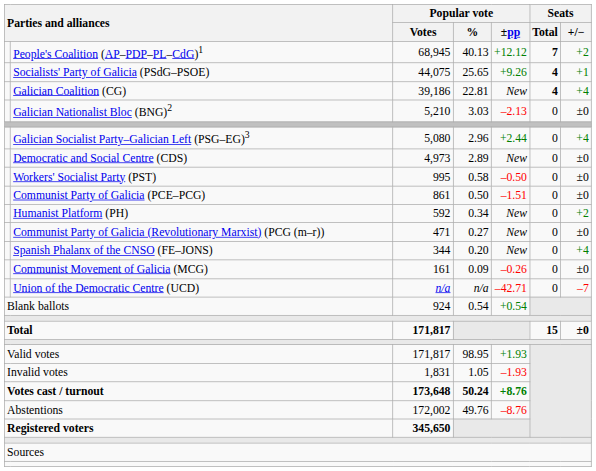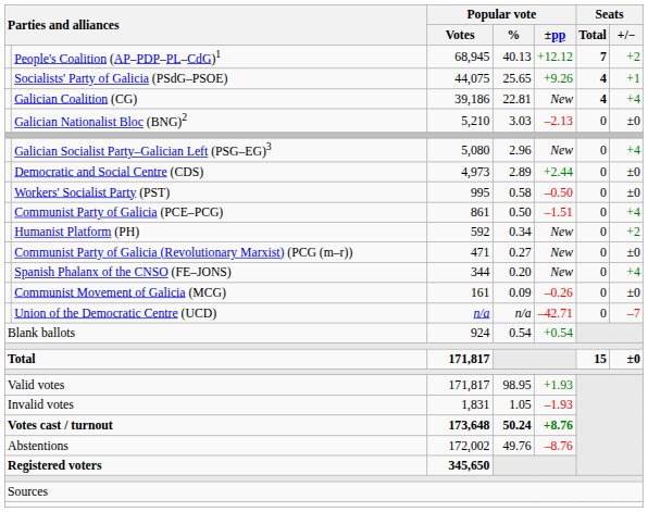 <table class="wikitable" style="text-align:right;">
 <tr>
 <th style="text-align:left;" rowspan="2" colspan="2" width="525">Parties and alliances</th>
 <th colspan="3">Popular vote</th>
 <th colspan="2">Seats</th>
 </tr>
 <tr>
 <th width="75">Votes</th>
 <th width="45">%</th>
 <th width="45">±<a href='#'>pp</a></th>
 <th width="35">Total</th>
 <th width="35">+/−</th>
 </tr>
 <tr>
 <td width="1" style="color:inherit;background:"></td>
 <td align="left"><a href='#'>People's Coalition</a> (<a href='#'>AP</a>–<a href='#'>PDP</a>–<a href='#'>PL</a>–<a href='#'>CdG</a>)<sup>1</sup></td>
 <td>68,945</td>
 <td>40.13</td>
 <td style="color:green;">+12.12</td>
 <td><strong>7</strong></td>
 <td style="color:green;">+2</td>
 </tr>
 <tr>
 <td style="color:inherit;background:"></td>
 <td align="left"><a href='#'>Socialists' Party of Galicia</a> (PSdG–PSOE)</td>
 <td>44,075</td>
 <td>25.65</td>
 <td style="color:green;">+9.26</td>
 <td><strong>4</strong></td>
 <td style="color:green;">+1</td>
 </tr>
 <tr>
 <td style="color:inherit;background:"></td>
 <td align="left"><a href='#'>Galician Coalition</a> (CG)</td>
 <td>39,186</td>
 <td>22.81</td>
 <td><em>New</em></td>
 <td><strong>4</strong></td>
 <td style="color:green;">+4</td>
 </tr>
 <tr>
 <td style="color:inherit;background:"></td>
 <td align="left"><a href='#'>Galician Nationalist Bloc</a> (BNG)<sup>2</sup></td>
 <td>5,210</td>
 <td>3.03</td>
 <td style="color:red;">–2.13</td>
 <td>0</td>
 <td>±0</td>
 </tr>
 <tr>
 <td colspan="7" bgcolor="#C0C0C0"></td>
 </tr>
 <tr>
 <td style="color:inherit;background:"></td>
 <td align="left"><a href='#'>Galician Socialist Party–Galician Left</a> (PSG–EG)<sup>3</sup></td>
 <td>5,080</td>
 <td>2.96</td>
-<td style="color:green;">+2.44</td>
+<td><em>New</em></td>
 <td>0</td>
 <td style="color:green;">+4</td>
 </tr>
 <tr>
 <td style="color:inherit;background:"></td>
 <td align="left"><a href='#'>Democratic and Social Centre</a> (CDS)</td>
 <td>4,973</td>
 <td>2.89</td>
-<td><em>New</em></td>
+<td style="color:green;">+2.44</td>
 <td>0</td>
 <td>±0</td>
 </tr>
 <tr>
 <td style="color:inherit;background:"></td>
 <td align="left"><a href='#'>Workers' Socialist Party</a> (PST)</td>
 <td>995</td>
 <td>0.58</td>
 <td style="color:red;">–0.50</td>
 <td>0</td>
 <td>±0</td>
 </tr>
 <tr>
 <td style="color:inherit;background:"></td>
 <td align="left"><a href='#'>Communist Party of Galicia</a> (PCE–PCG)</td>
 <td>861</td>
 <td>0.50</td>
 <td style="color:red;">–1.51</td>
 <td>0</td>
-<td>±0</td>
+<td style="color:green;">+4</td>
 </tr>
 <tr>
 <td style="color:inherit;background:"></td>
 <td align="left"><a href='#'>Humanist Platform</a> (PH)</td>
 <td>592</td>
 <td>0.34</td>
 <td><em>New</em></td>
 <td>0</td>
 <td style="color:green;">+2</td>
 </tr>
 <tr>
 <td style="color:inherit;background:"></td>
 <td align="left"><a href='#'>Communist Party of Galicia (Revolutionary Marxist)</a> (PCG (m–r))</td>
 <td>471</td>
 <td>0.27</td>
 <td><em>New</em></td>
 <td>0</td>
 <td>±0</td>
 </tr>
 <tr>
 <td style="color:inherit;background:"></td>
 <td align="left"><a href='#'>Spanish Phalanx of the CNSO</a> (FE–JONS)</td>
 <td>344</td>
 <td>0.20</td>
 <td><em>New</em></td>
 <td>0</td>
 <td style="color:green;">+4</td>
 </tr>
 <tr>
 <td style="color:inherit;background:"></td>
 <td align="left"><a href='#'>Communist Movement of Galicia</a> (MCG)</td>
 <td>161</td>
 <td>0.09</td>
 <td style="color:red;">–0.26</td>
 <td>0</td>
 <td>±0</td>
 </tr>
 <tr>
 <td style="color:inherit;background:"></td>
 <td align="left"><a href='#'>Union of the Democratic Centre</a> (UCD)</td>
 <td><em><a href='#'>n/a</a></em></td>
 <td><em>n/a</em></td>
 <td style="color:red;">–42.71</td>
 <td>0</td>
 <td style="color:red;">–7</td>
 </tr>
 <tr>
 <td align="left" colspan="2">Blank ballots</td>
 <td>924</td>
 <td>0.54</td>
 <td style="color:green;">+0.54</td>
 <td bgcolor="#E9E9E9" colspan="2"></td>
 </tr>
 <tr>
 <td colspan="7" bgcolor="#E9E9E9"></td>
 </tr>
 <tr style="font-weight:bold;">
 <td align="left" colspan="2">Total</td>
 <td>171,817</td>
 <td bgcolor="#E9E9E9" colspan="2"></td>
 <td>15</td>
 <td>±0</td>
 </tr>
 <tr>
 <td colspan="7" bgcolor="#E9E9E9"></td>
 </tr>
 <tr>
 <td align="left" colspan="2">Valid votes</td>
 <td>171,817</td>
 <td>98.95</td>
 <td style="color:green;">+1.93</td>
 <td bgcolor="#E9E9E9" colspan="7" rowspan="5"></td>
 </tr>
 <tr>
 <td align="left" colspan="2">Invalid votes</td>
 <td>1,831</td>
 <td>1.05</td>
 <td style="color:red;">–1.93</td>
 </tr>
 <tr style="font-weight:bold;">
 <td align="left" colspan="2">Votes cast / turnout</td>
 <td>173,648</td>
 <td>50.24</td>
 <td style="color:green;">+8.76</td>
 </tr>
 <tr>
 <td align="left" colspan="2">Abstentions</td>
 <td>172,002</td>
 <td>49.76</td>
 <td style="color:red;">–8.76</td>
 </tr>
 <tr style="font-weight:bold;">
 <td align="left" colspan="2">Registered voters</td>
 <td>345,650</td>
 <td bgcolor="#E9E9E9" colspan="2"></td>
 </tr>
 <tr>
 <td colspan="7" bgcolor="#E9E9E9"></td>
 </tr>
 <tr>
 <td align="left" colspan="7">Sources</td>
 </tr>
 <tr>
 <td colspan="7" style="text-align:left; max-width:790px;"></td>
 </tr>
 </table>
